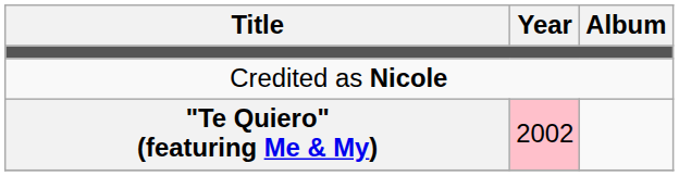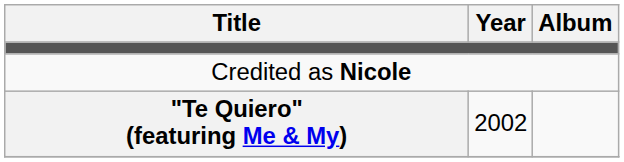 <table class="wikitable plainrowheaders" style="text-align:center;">
 <tr>
 <th scope="col" rowspan="1" style="width:19em;">Title</th>
 <th scope="col" rowspan="1" style="width:1em;">Year</th>
 <th scope="col" rowspan="1">Album</th>
 </tr>
 <tr>
 <td colspan="5" style="background:#555;"></td>
 </tr>
 <tr>
 <td colspan="5">Credited as <strong>Nicole</strong></td>
 </tr>
 <tr>
 <th scope="row">"Te Quiero"<br><span>(featuring <a href='#'>Me & My</a>)</span></th>
-<td style="background: pink;">2002</td>
+<td>2002</td>
 <td></td>
 </tr>
 <tr>
 </tr>
 </table>
